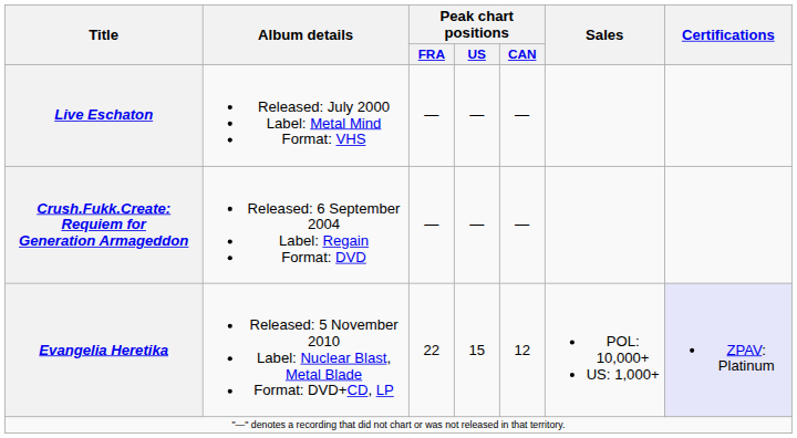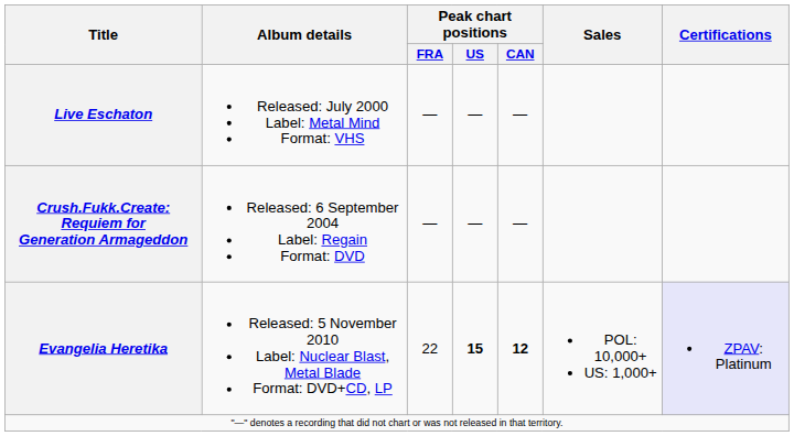 <table class="wikitable plainrowheaders" style="text-align:center;">
 <tr>
 <th scope="col" rowspan="2">Title</th>
 <th scope="col" rowspan="2">Album details</th>
 <th scope="col" colspan="3">Peak chart positions</th>
 <th scope="col" rowspan="2">Sales</th>
 <th scope="col" rowspan="2"><a href='#'>Certifications</a></th>
 </tr>
 <tr>
 <th scope="col" style="width:3em;font-size:90%;"><a href='#'>FRA</a><br></th>
 <th scope="col" style="width:3em;font-size:90%;"><a href='#'>US</a><br></th>
 <th scope="col" style="width:3em;font-size:90%;"><a href='#'>CAN</a><br></th>
 </tr>
 <tr>
 <th scope="row"><em><a href='#'>Live Eschaton</a></em></th>
 <td><br><ul><li>Released: July 2000</li><li>Label: <a href='#'>Metal Mind</a></li><li>Format: <a href='#'>VHS</a></li></ul></td>
 <td>—</td>
 <td>—</td>
 <td>—</td>
 <td></td>
 <td></td>
 </tr>
 <tr>
 <th scope="row"><em><a href='#'>Crush.Fukk.Create: Requiem for<br>Generation Armageddon</a></em></th>
 <td><br><ul><li>Released: 6 September 2004</li><li>Label: <a href='#'>Regain</a></li><li>Format: <a href='#'>DVD</a></li></ul></td>
 <td>—</td>
 <td>—</td>
 <td>—</td>
 <td></td>
 <td></td>
 </tr>
 <tr>
 <th scope="row"><em><a href='#'>Evangelia Heretika</a></em></th>
 <td><br><ul><li>Released: 5 November 2010</li><li>Label: <a href='#'>Nuclear Blast</a>, <a href='#'>Metal Blade</a></li><li>Format: DVD+<a href='#'>CD</a>, <a href='#'>LP</a></li></ul></td>
 <td>22</td>
-<td>15</td>
-<td>12</td>
+<td><strong>15</strong></td>
+<td><strong>12</strong></td>
 <td><br><ul><li>POL: 10,000+</li><li>US: 1,000+</li></ul></td>
 <td style="background: lavender;"><br><ul><li><a href='#'>ZPAV</a>: Platinum</li></ul></td>
 </tr>
 <tr>
 <td colspan="14" style="text-align:center; font-size:8pt;">"—" denotes a recording that did not chart or was not released in that territory.</td>
 </tr>
 </table>
